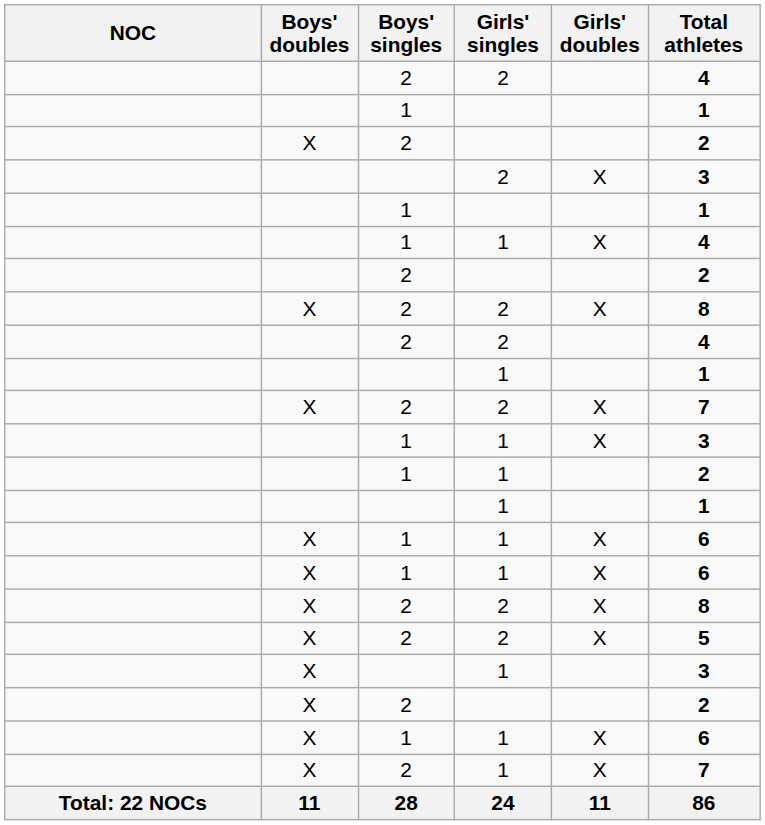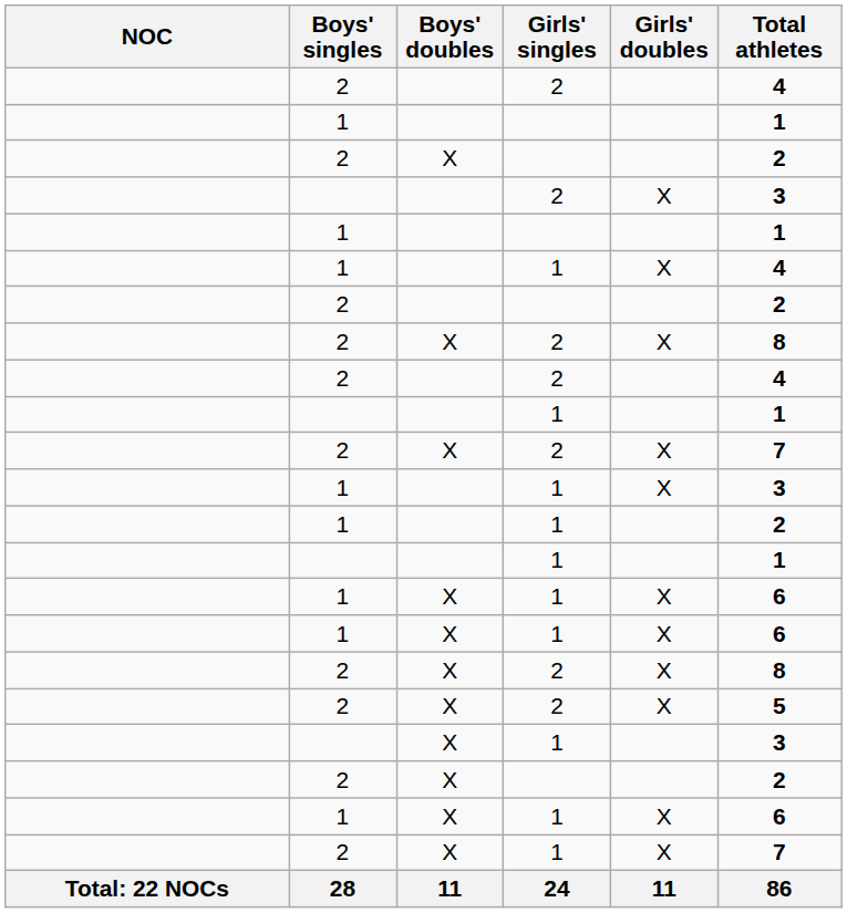 <table class="wikitable" style="text-align:center; font-size:90%">
 <tr>
 <th width=170 align="left">NOC</th>
+<th width=60>Boys' singles</th>
 <th width=60>Boys' doubles</th>
-<th width=60>Boys' singles</th>
 <th width=60>Girls' singles</th>
 <th width=60>Girls' doubles</th>
 <th width=70>Total<br>athletes</th>
 </tr>
 <tr>
 <td align=left></td>
+<td>2</td>
 <td></td>
-<td>2</td>
 <td>2</td>
 <td></td>
 <td><strong>4</strong></td>
 </tr>
 <tr>
 <td align=left></td>
+<td>1</td>
 <td></td>
-<td>1</td>
 <td></td>
 <td></td>
 <td><strong>1</strong></td>
 </tr>
 <tr>
 <td align=left></td>
+<td>2</td>
 <td>X</td>
-<td>2</td>
 <td></td>
 <td></td>
 <td><strong>2</strong></td>
 </tr>
 <tr>
 <td align=left></td>
 <td></td>
 <td></td>
 <td>2</td>
 <td>X</td>
 <td><strong>3</strong></td>
 </tr>
 <tr>
 <td align=left></td>
+<td>1</td>
 <td></td>
-<td>1</td>
 <td></td>
 <td></td>
 <td><strong>1</strong></td>
 </tr>
 <tr>
 <td align=left></td>
+<td>1</td>
 <td></td>
-<td>1</td>
 <td>1</td>
 <td>X</td>
 <td><strong>4</strong></td>
 </tr>
 <tr>
 <td align=left></td>
+<td>2</td>
 <td></td>
-<td>2</td>
 <td></td>
 <td></td>
 <td><strong>2</strong></td>
 </tr>
 <tr>
 <td align=left></td>
+<td>2</td>
 <td>X</td>
-<td>2</td>
 <td>2</td>
 <td>X</td>
 <td><strong>8</strong></td>
 </tr>
 <tr>
 <td align=left></td>
+<td>2</td>
 <td></td>
-<td>2</td>
 <td>2</td>
 <td></td>
 <td><strong>4</strong></td>
 </tr>
 <tr>
 <td align=left></td>
 <td></td>
 <td></td>
 <td>1</td>
 <td></td>
 <td><strong>1</strong></td>
 </tr>
 <tr>
 <td align=left></td>
+<td>2</td>
 <td>X</td>
-<td>2</td>
 <td>2</td>
 <td>X</td>
 <td><strong>7</strong></td>
 </tr>
 <tr>
 <td align=left></td>
+<td>1</td>
 <td></td>
-<td>1</td>
 <td>1</td>
 <td>X</td>
 <td><strong>3</strong></td>
 </tr>
 <tr>
 <td align=left></td>
+<td>1</td>
 <td></td>
-<td>1</td>
 <td>1</td>
 <td></td>
 <td><strong>2</strong></td>
 </tr>
 <tr>
 <td align=left></td>
 <td></td>
 <td></td>
 <td>1</td>
 <td></td>
 <td><strong>1</strong></td>
 </tr>
 <tr>
 <td align=left></td>
+<td>1</td>
 <td>X</td>
-<td>1</td>
 <td>1</td>
 <td>X</td>
 <td><strong>6</strong></td>
 </tr>
 <tr>
 <td align=left></td>
+<td>1</td>
 <td>X</td>
-<td>1</td>
 <td>1</td>
 <td>X</td>
 <td><strong>6</strong></td>
 </tr>
 <tr>
 <td align=left></td>
+<td>2</td>
 <td>X</td>
-<td>2</td>
 <td>2</td>
 <td>X</td>
 <td><strong>8</strong></td>
 </tr>
 <tr>
 <td align=left></td>
+<td>2</td>
 <td>X</td>
-<td>2</td>
 <td>2</td>
 <td>X</td>
 <td><strong>5</strong></td>
 </tr>
 <tr>
 <td align=left></td>
+<td></td>
 <td>X</td>
-<td></td>
 <td>1</td>
 <td></td>
 <td><strong>3</strong></td>
 </tr>
 <tr>
 <td align=left></td>
+<td>2</td>
 <td>X</td>
-<td>2</td>
 <td></td>
 <td></td>
 <td><strong>2</strong></td>
 </tr>
 <tr>
 <td align=left></td>
+<td>1</td>
 <td>X</td>
-<td>1</td>
 <td>1</td>
 <td>X</td>
 <td><strong>6</strong></td>
 </tr>
 <tr>
 <td align=left></td>
+<td>2</td>
 <td>X</td>
-<td>2</td>
 <td>1</td>
 <td>X</td>
 <td><strong>7</strong></td>
 </tr>
 <tr>
 <th>Total: 22 NOCs</th>
+<th>28</th>
 <th>11</th>
-<th>28</th>
 <th>24</th>
 <th>11</th>
 <th>86</th>
 </tr>
 </table>
